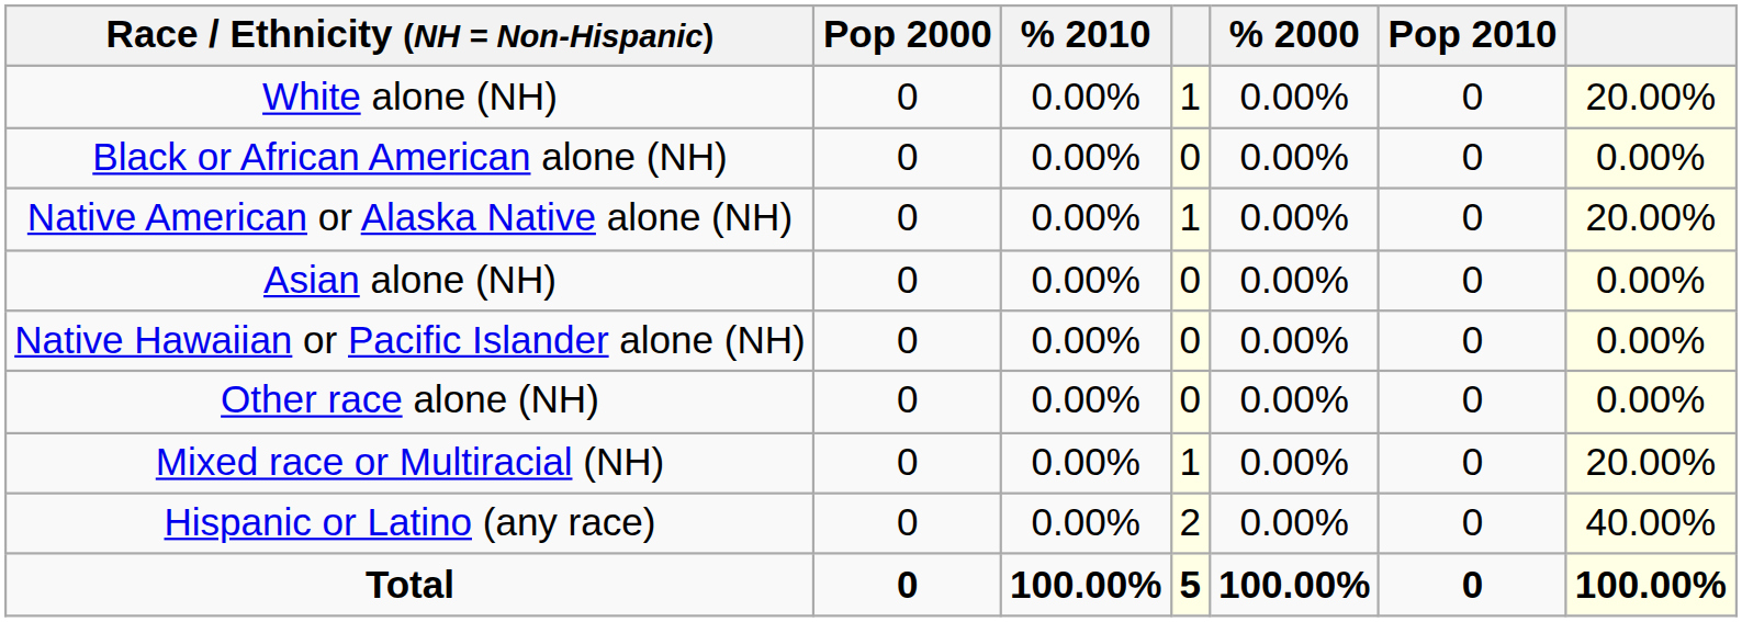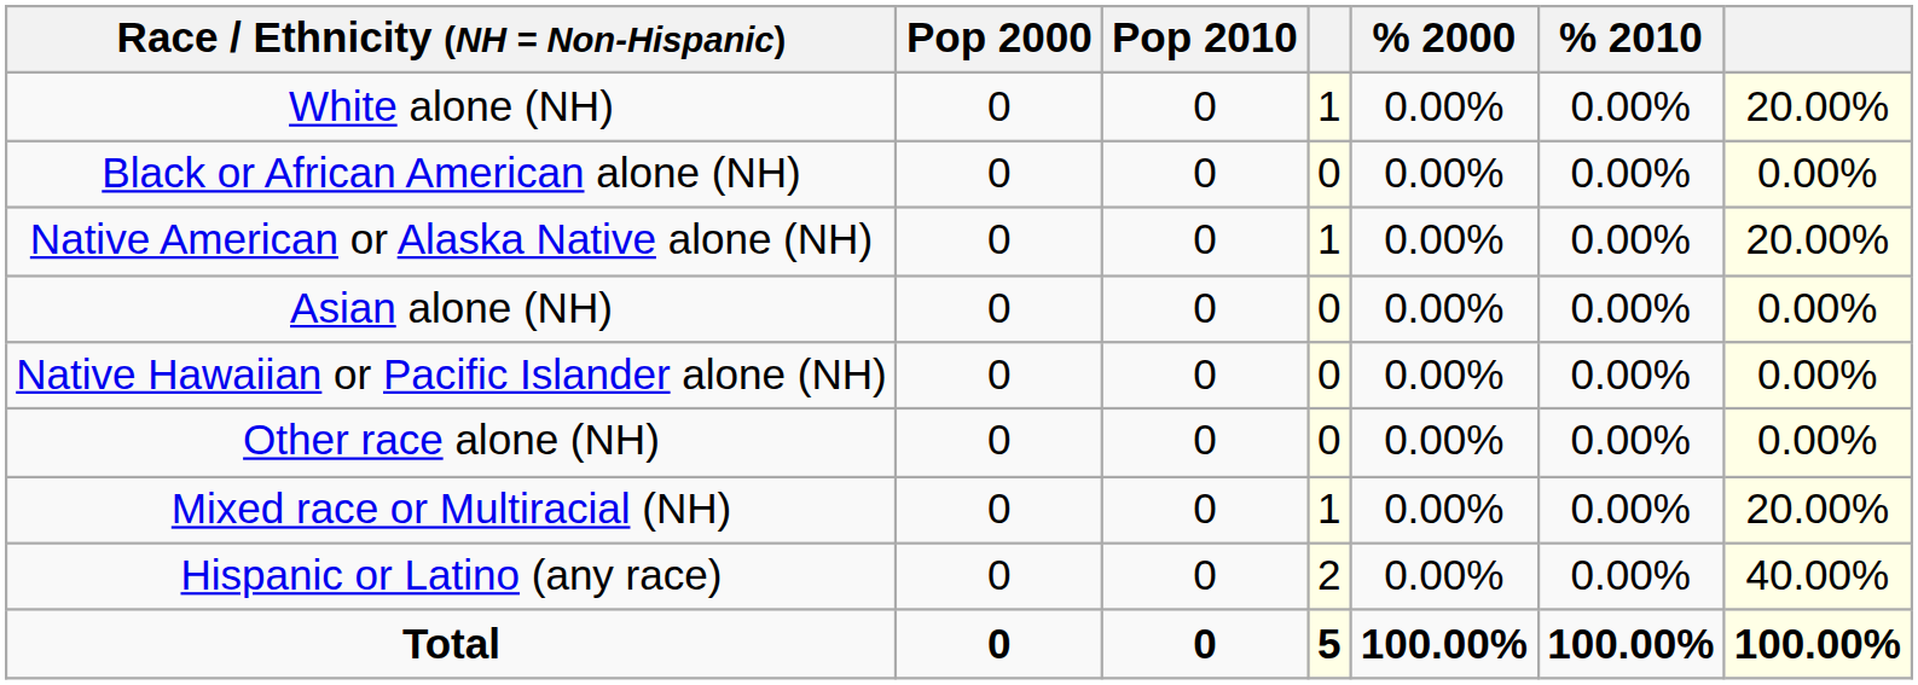 <table class="wikitable" style="text-align:center;">
 <tr>
 <th>Race / Ethnicity <small>(<em>NH = Non-Hispanic</em>)</small></th>
 <th>Pop 2000</th>
-<th>% 2010</th>
+<th>Pop 2010</th>
 <th></th>
 <th>% 2000</th>
-<th>Pop 2010</th>
+<th>% 2010</th>
 <th></th>
 </tr>
 <tr>
 <td><a href='#'>White</a> alone (NH)</td>
 <td>0</td>
-<td>0.00%</td>
+<td>0</td>
 <td style='background: #ffffe6;'>1</td>
 <td>0.00%</td>
-<td>0</td>
+<td>0.00%</td>
 <td style='background: #ffffe6;'>20.00%</td>
 </tr>
 <tr>
 <td><a href='#'>Black or African American</a> alone (NH)</td>
 <td>0</td>
-<td>0.00%</td>
+<td>0</td>
 <td style='background: #ffffe6;'>0</td>
 <td>0.00%</td>
-<td>0</td>
+<td>0.00%</td>
 <td style='background: #ffffe6;'>0.00%</td>
 </tr>
 <tr>
 <td><a href='#'>Native American</a> or <a href='#'>Alaska Native</a> alone (NH)</td>
 <td>0</td>
-<td>0.00%</td>
+<td>0</td>
 <td style='background: #ffffe6;'>1</td>
 <td>0.00%</td>
-<td>0</td>
+<td>0.00%</td>
 <td style='background: #ffffe6;'>20.00%</td>
 </tr>
 <tr>
 <td><a href='#'>Asian</a> alone (NH)</td>
 <td>0</td>
-<td>0.00%</td>
+<td>0</td>
 <td style='background: #ffffe6;'>0</td>
 <td>0.00%</td>
-<td>0</td>
+<td>0.00%</td>
 <td style='background: #ffffe6;'>0.00%</td>
 </tr>
 <tr>
 <td><a href='#'>Native Hawaiian</a> or <a href='#'>Pacific Islander</a> alone (NH)</td>
 <td>0</td>
-<td>0.00%</td>
+<td>0</td>
 <td style='background: #ffffe6;'>0</td>
 <td>0.00%</td>
-<td>0</td>
+<td>0.00%</td>
 <td style='background: #ffffe6;'>0.00%</td>
 </tr>
 <tr>
 <td><a href='#'>Other race</a> alone (NH)</td>
 <td>0</td>
-<td>0.00%</td>
+<td>0</td>
 <td style='background: #ffffe6;'>0</td>
 <td>0.00%</td>
-<td>0</td>
+<td>0.00%</td>
 <td style='background: #ffffe6;'>0.00%</td>
 </tr>
 <tr>
 <td><a href='#'>Mixed race or Multiracial</a> (NH)</td>
 <td>0</td>
-<td>0.00%</td>
+<td>0</td>
 <td style='background: #ffffe6;'>1</td>
 <td>0.00%</td>
-<td>0</td>
+<td>0.00%</td>
 <td style='background: #ffffe6;'>20.00%</td>
 </tr>
 <tr>
 <td><a href='#'>Hispanic or Latino</a> (any race)</td>
 <td>0</td>
-<td>0.00%</td>
+<td>0</td>
 <td style='background: #ffffe6;'>2</td>
 <td>0.00%</td>
-<td>0</td>
+<td>0.00%</td>
 <td style='background: #ffffe6;'>40.00%</td>
 </tr>
 <tr>
 <td><strong>Total</strong></td>
 <td><strong>0</strong></td>
-<td><strong>100.00%</strong></td>
+<td><strong>0</strong></td>
 <td style='background: #ffffe6;'><strong>5</strong></td>
 <td><strong>100.00%</strong></td>
-<td><strong>0</strong></td>
+<td><strong>100.00%</strong></td>
 <td style='background: #ffffe6;'><strong>100.00%</strong></td>
 </tr>
 </table>
